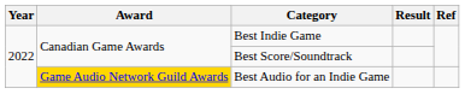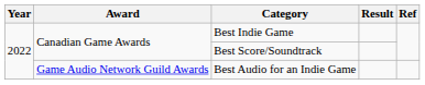 <table class="wikitable">
 <tr>
 <th>Year</th>
 <th>Award</th>
 <th>Category</th>
 <th>Result</th>
 <th>Ref</th>
 </tr>
 <tr>
 <td rowspan="3">2022</td>
 <td rowspan="2">Canadian Game Awards</td>
 <td>Best Indie Game</td>
 <td></td>
 <td rowspan="2"></td>
 </tr>
 <tr>
 <td>Best Score/Soundtrack</td>
 <td></td>
 </tr>
 <tr>
-<td style="background: gold;"><a href='#'>Game Audio Network Guild Awards</a></td>
+<td><a href='#'>Game Audio Network Guild Awards</a></td>
 <td>Best Audio for an Indie Game</td>
 <td></td>
 <td></td>
 </tr>
 </table>
